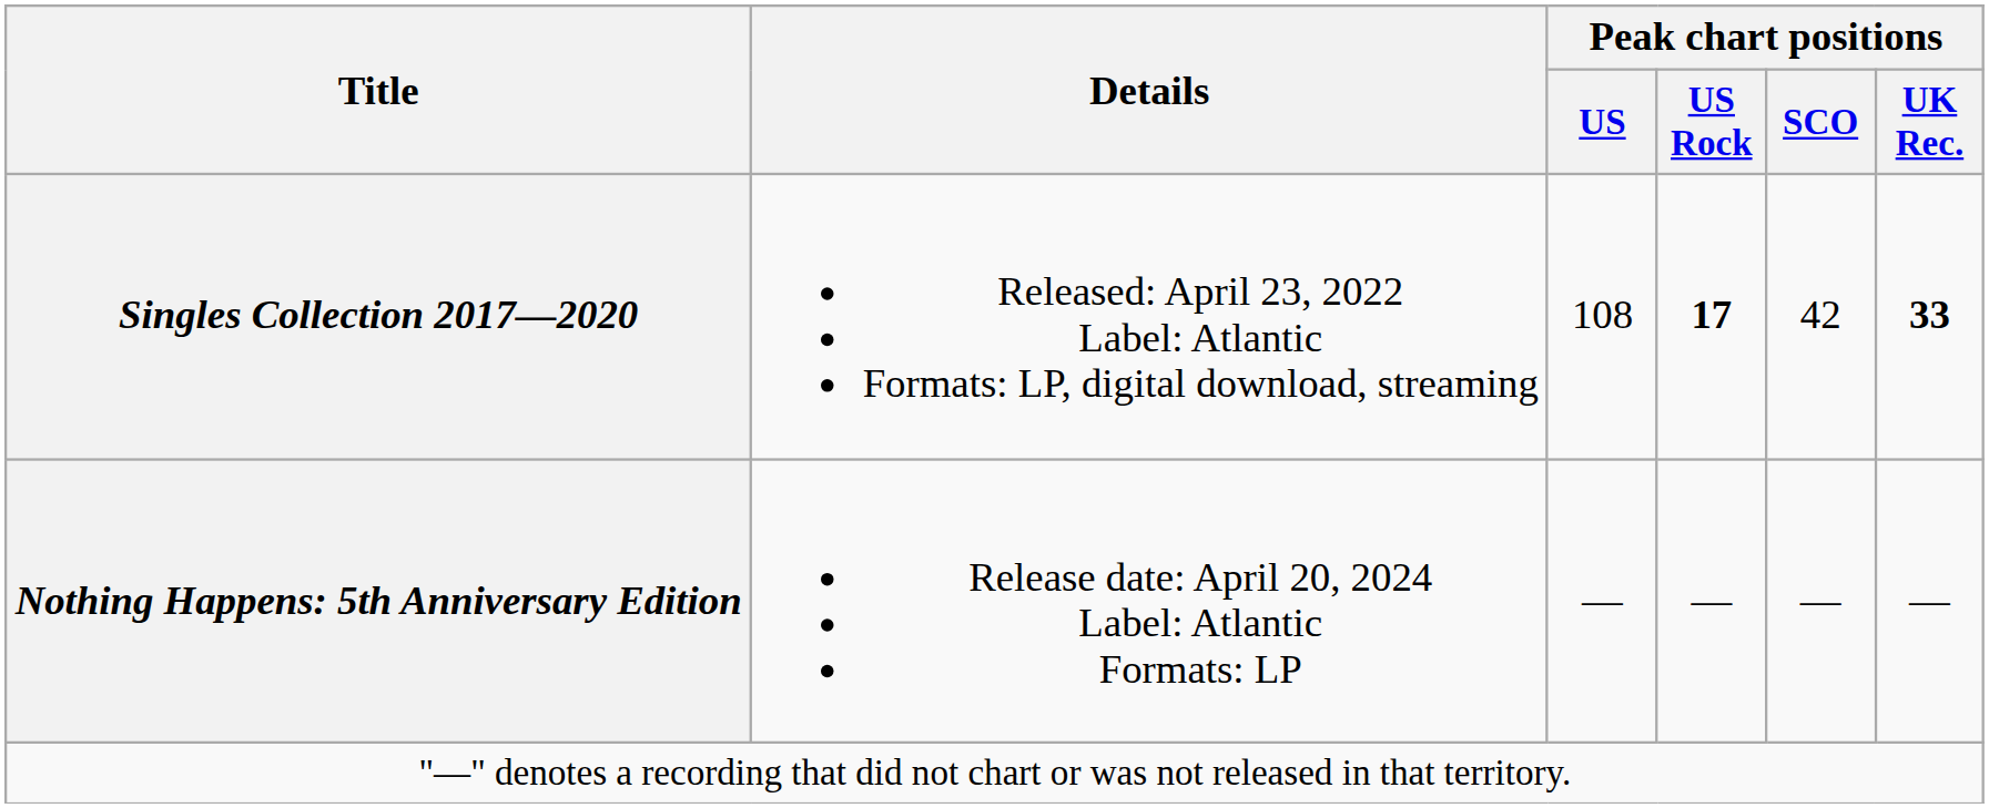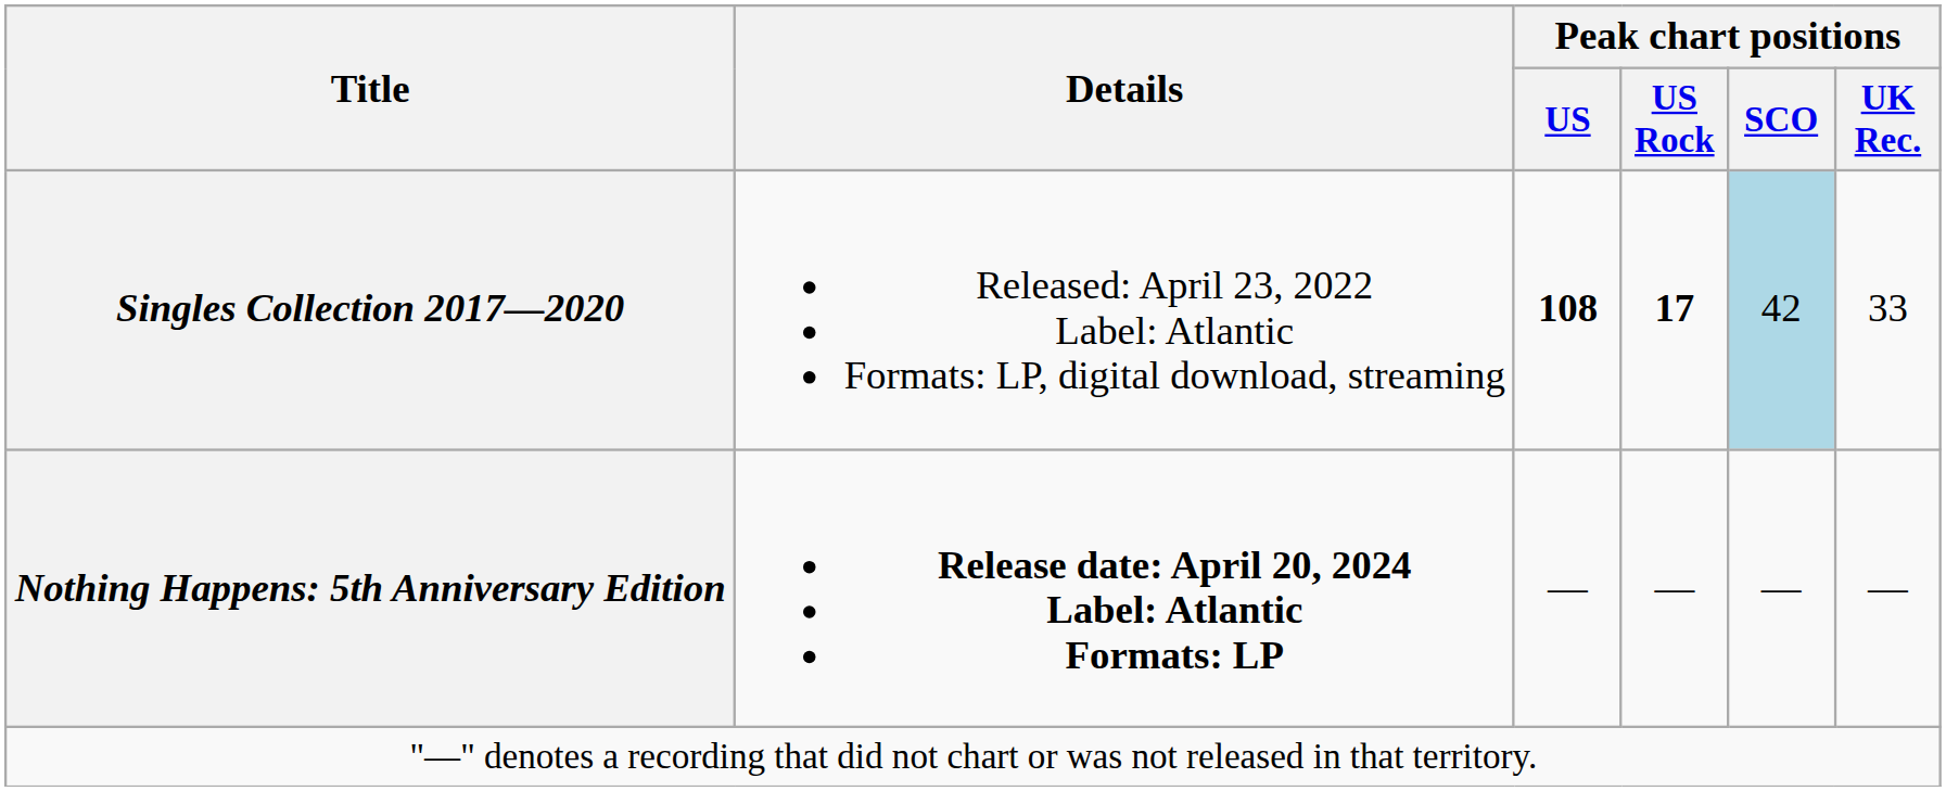 <table class="wikitable plainrowheaders" style="text-align:center;">
 <tr>
 <th scope="col" rowspan="2">Title</th>
 <th scope="col" rowspan="2">Details</th>
 <th scope="col" colspan="4">Peak chart positions</th>
 </tr>
 <tr>
 <th scope="col" style="width:2.5em;font-size:90%;"><a href='#'>US</a><br></th>
 <th scope="col" style="width:2.5em;font-size:90%;"><a href='#'>US<br>Rock</a><br></th>
 <th scope="col" style="width:2.5em;font-size:90%;"><a href='#'>SCO</a><br></th>
 <th scope="col" style="width:2.5em;font-size:90%;"><a href='#'>UK<br>Rec.</a><br></th>
 </tr>
 <tr>
 <th scope="row"><em>Singles Collection 2017—2020</em></th>
 <td><br><ul><li>Released: April 23, 2022</li><li>Label: Atlantic</li><li>Formats: LP, digital download, streaming</li></ul></td>
-<td>108</td>
+<td><strong>108</strong></td>
 <td><strong>17</strong></td>
-<td>42</td>
-<td><strong>33</strong></td>
+<td style="background: lightblue;">42</td>
+<td>33</td>
 </tr>
 <tr>
 <th scope="row"><em>Nothing Happens: 5th Anniversary Edition</em></th>
-<td><br><ul><li>Release date: April 20, 2024</li><li>Label: Atlantic</li><li>Formats: LP</li></ul></td>
+<td><strong><br><ul><li>Release date: April 20, 2024</li><li>Label: Atlantic</li><li>Formats: LP</li></ul></strong></td>
 <td>—</td>
 <td>—</td>
 <td>—</td>
 <td>—</td>
 </tr>
 <tr>
 <td colspan="14" style="font-size:90%">"—" denotes a recording that did not chart or was not released in that territory.</td>
 </tr>
 </table>
